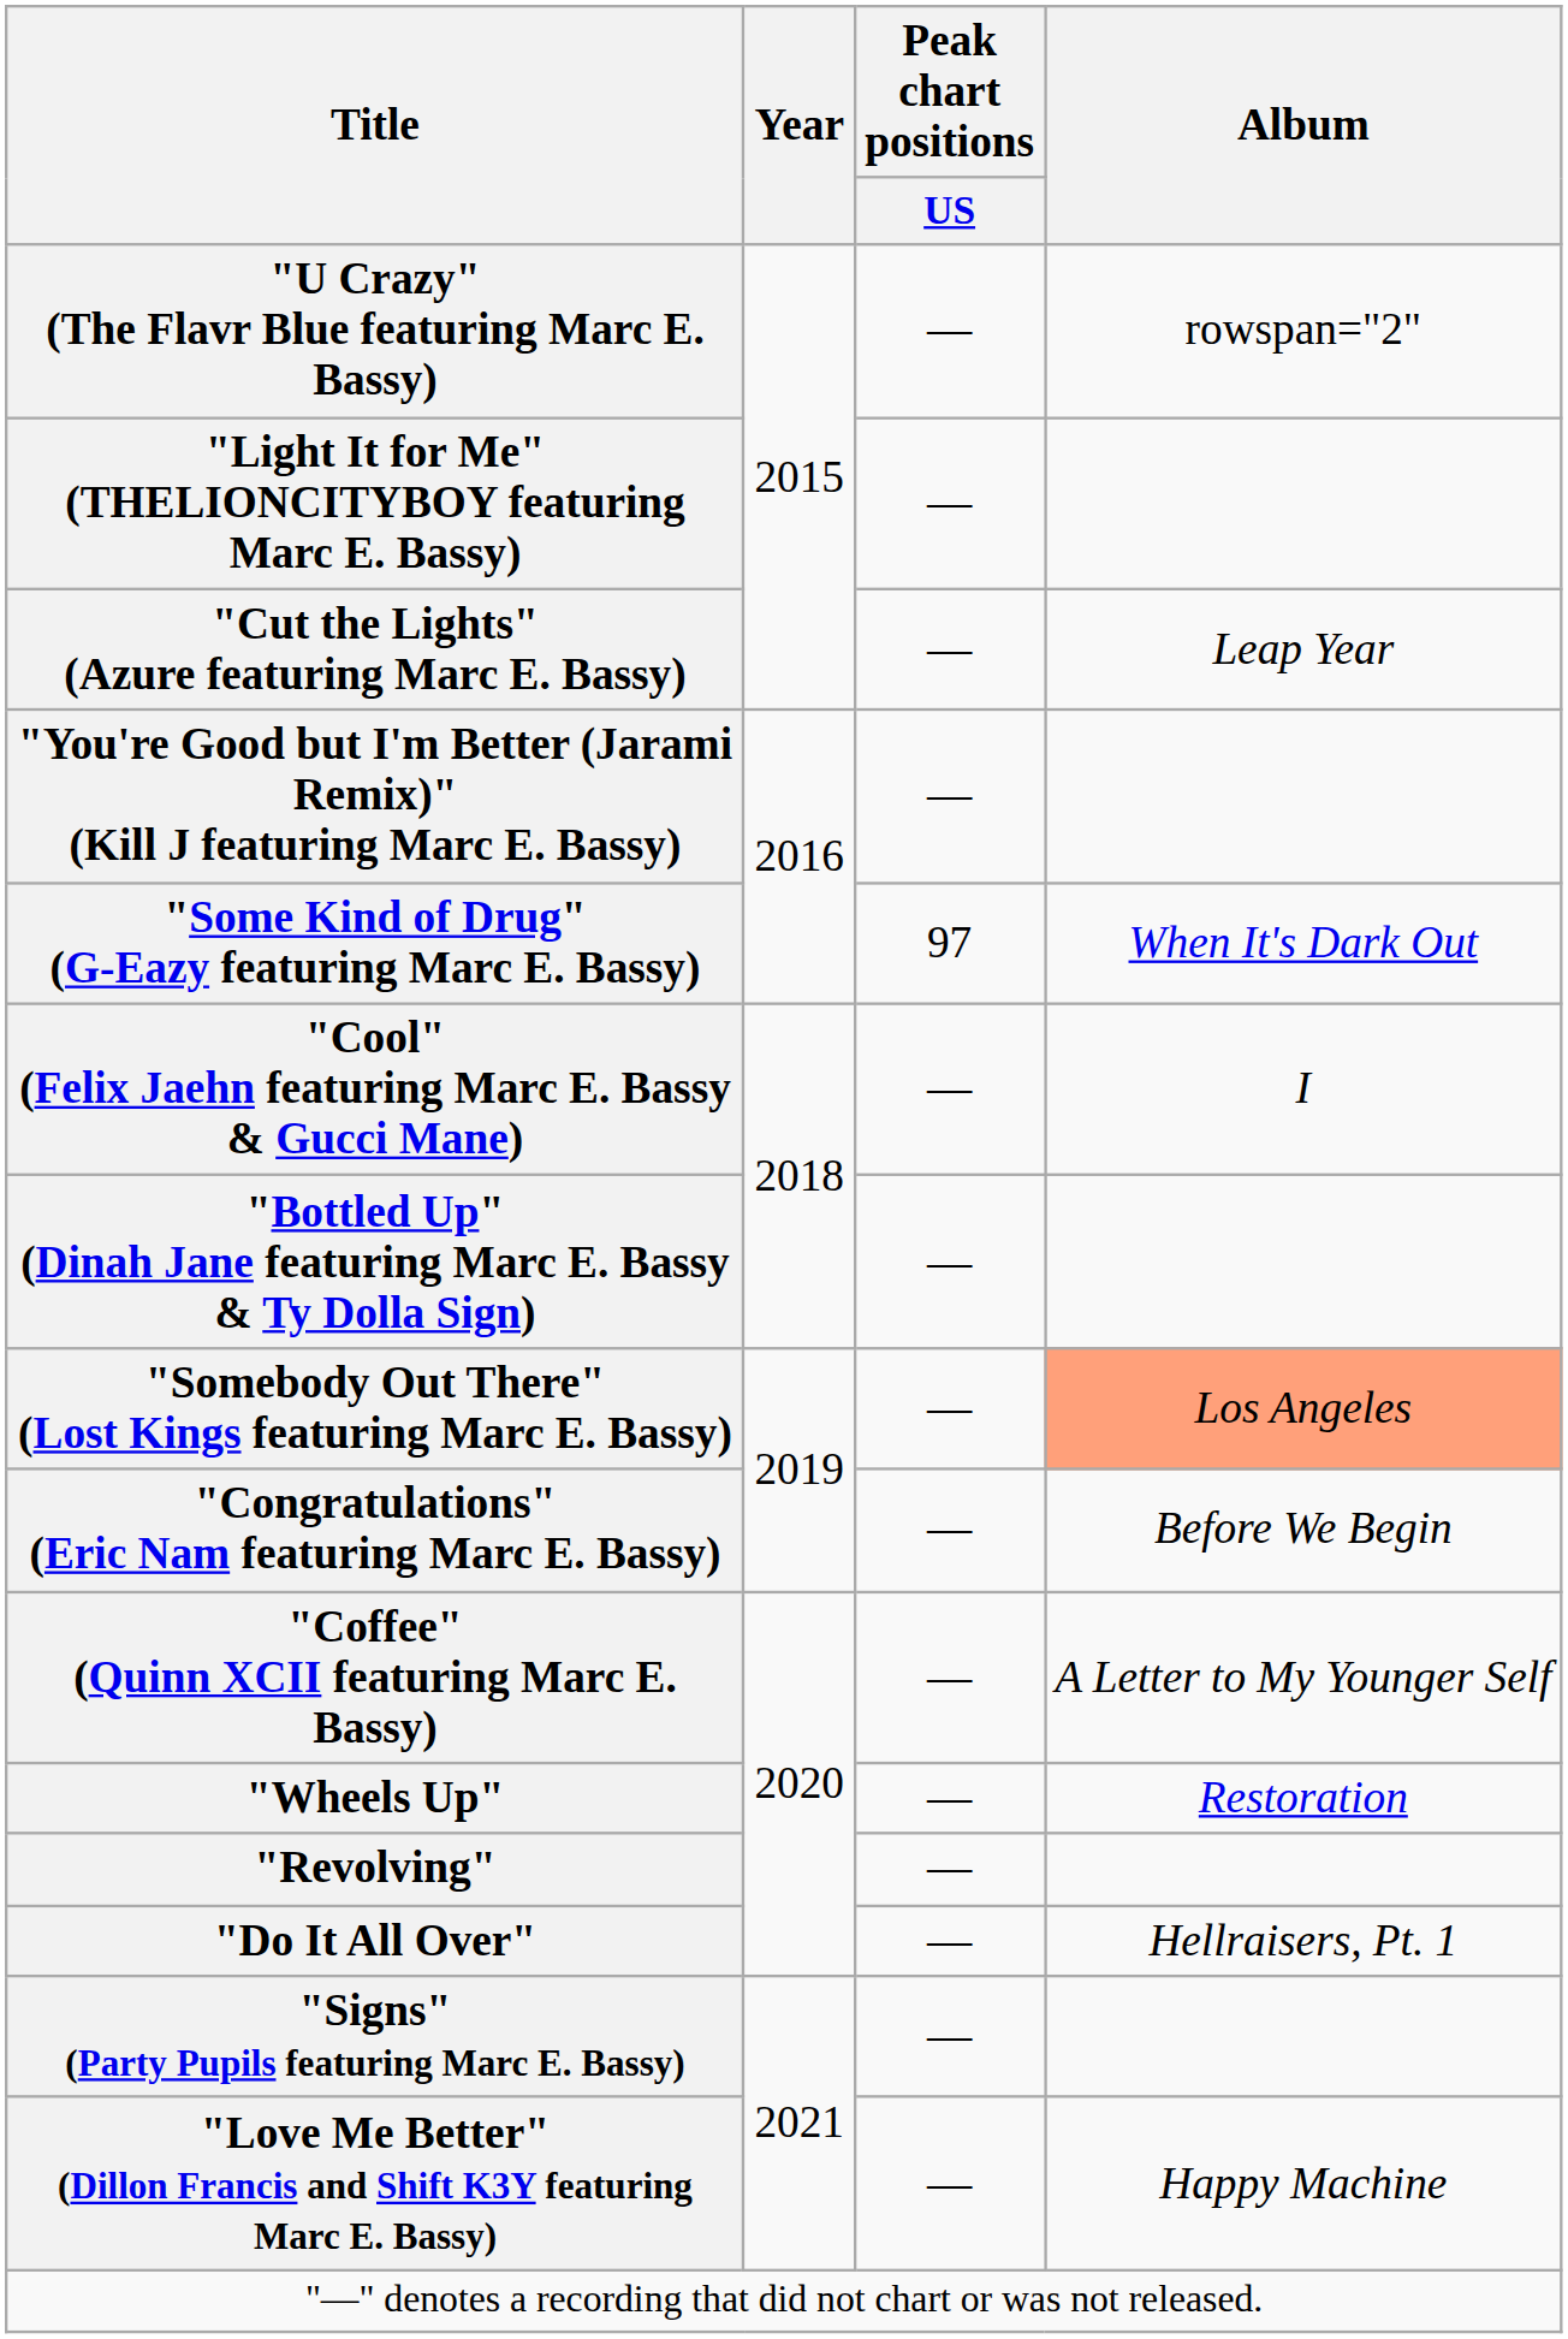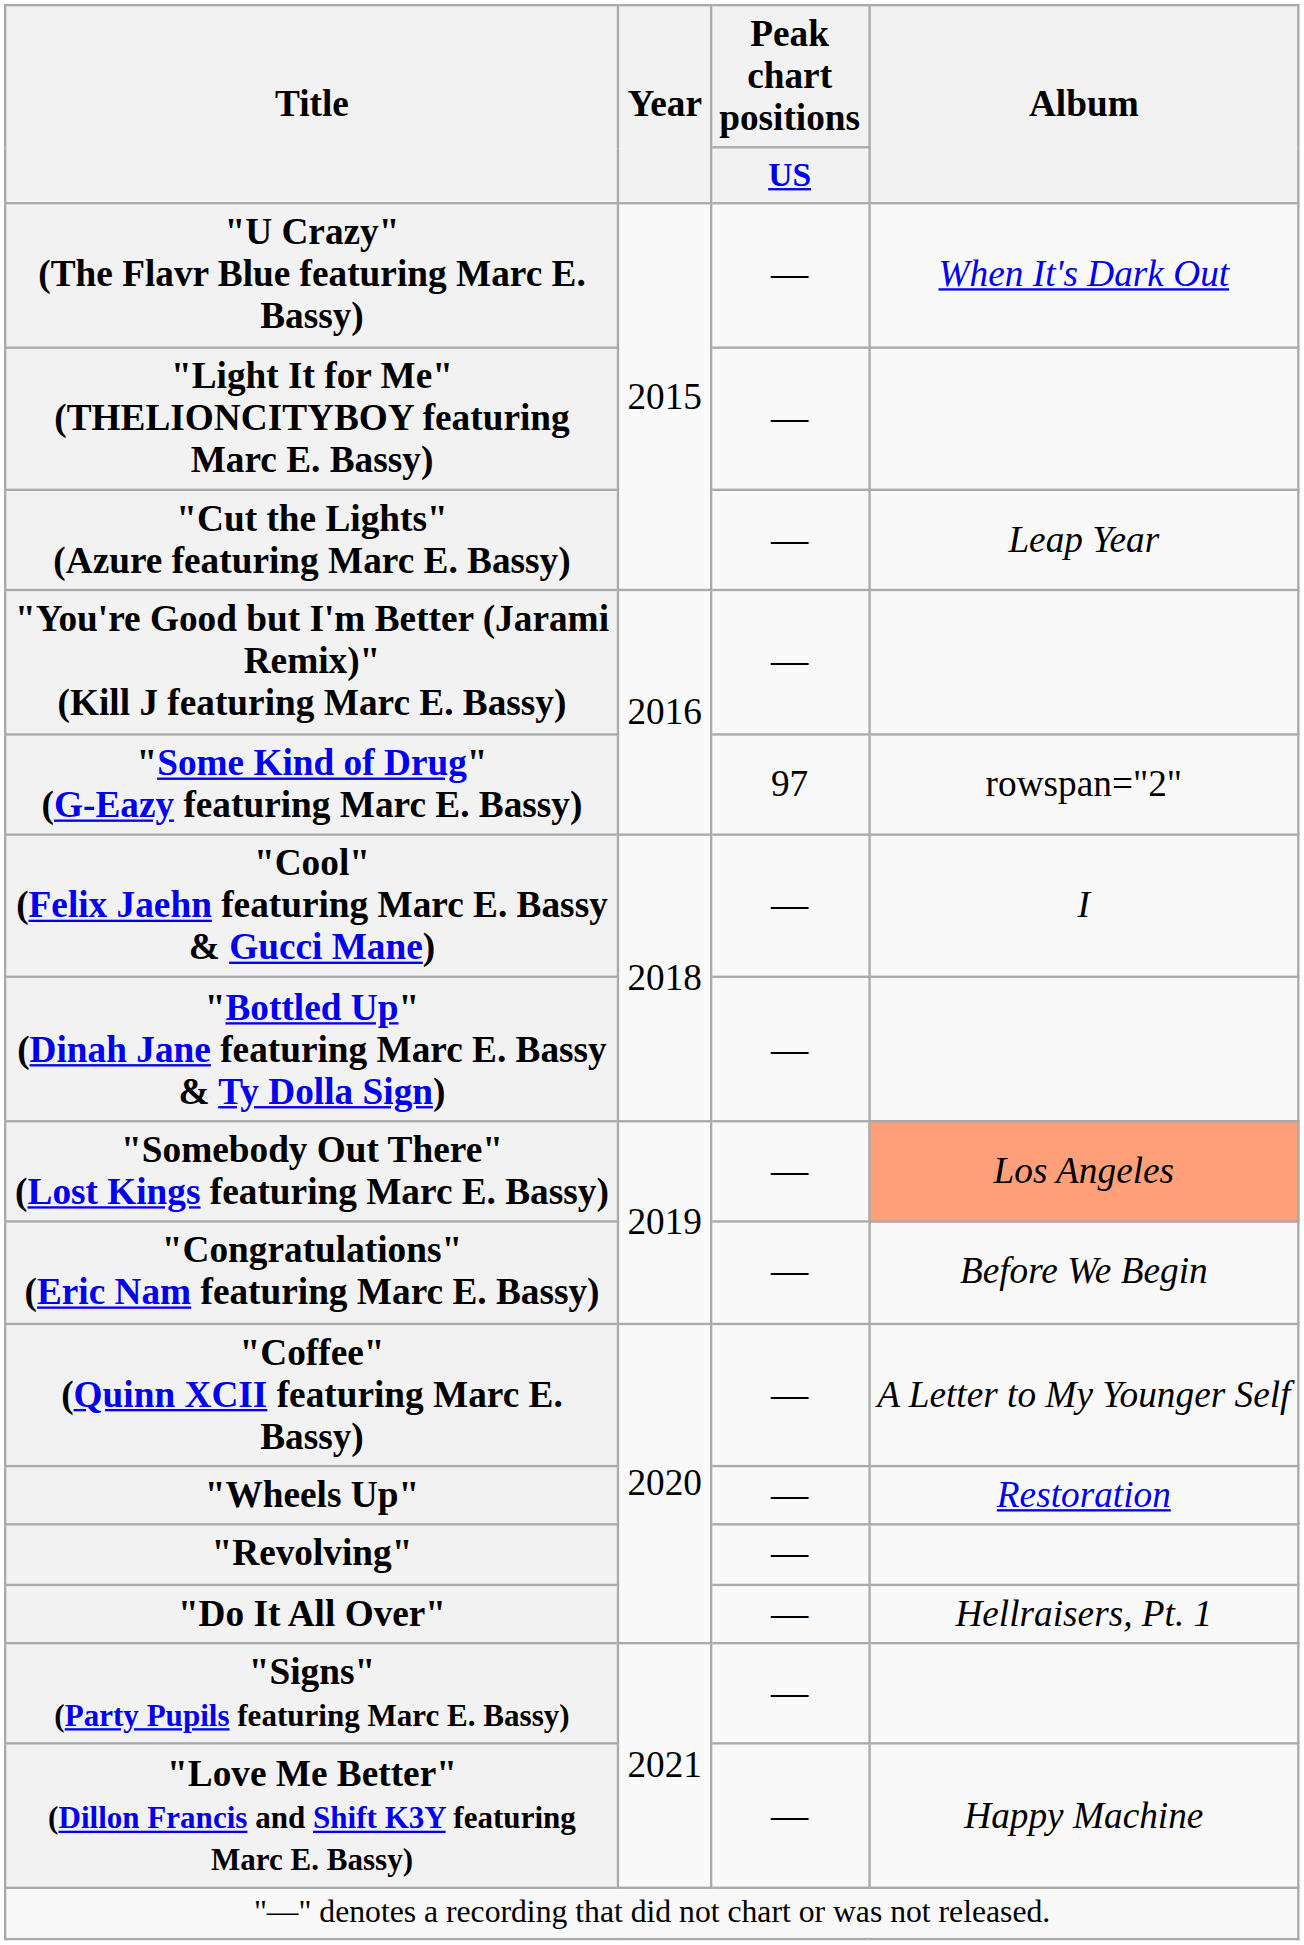 <table class="wikitable plainrowheaders" style="text-align:center;">
 <tr>
 <th scope="col" rowspan="2" style="width:16em;">Title</th>
 <th scope="col" rowspan="2">Year</th>
 <th scope="col">Peak chart positions</th>
 <th scope="col" rowspan="2">Album</th>
 </tr>
 <tr>
 <th scope="col" style="width:3em;font-size:90%;"><a href='#'>US</a><br></th>
 </tr>
 <tr>
 <th scope="row">"U Crazy"<br><span>(The Flavr Blue featuring Marc E. Bassy)</span></th>
 <td rowspan="3">2015</td>
 <td>—</td>
-<td>rowspan="2" </td>
+<td><em><a href='#'>When It's Dark Out</a></em></td>
 </tr>
 <tr>
 <th scope="row">"Light It for Me"<br><span>(THELIONCITYBOY featuring Marc E. Bassy)</span></th>
 <td>—</td>
 </tr>
 <tr>
 <th scope="row">"Cut the Lights"<br><span>(Azure featuring Marc E. Bassy)</span></th>
 <td>—</td>
 <td><em>Leap Year</em></td>
 </tr>
 <tr>
 <th scope="row">"You're Good but I'm Better (Jarami Remix)"<br><span>(Kill J featuring Marc E. Bassy)</span></th>
 <td rowspan="2">2016</td>
 <td>—</td>
 <td></td>
 </tr>
 <tr>
 <th scope="row">"<a href='#'>Some Kind of Drug</a>"<br><span>(<a href='#'>G-Eazy</a> featuring Marc E. Bassy)</span></th>
 <td>97<br></td>
-<td><em><a href='#'>When It's Dark Out</a></em></td>
+<td>rowspan="2" </td>
 </tr>
 <tr>
 <th scope="row">"Cool"<br><span>(<a href='#'>Felix Jaehn</a> featuring Marc E. Bassy & <a href='#'>Gucci Mane</a>)</span></th>
 <td rowspan="2">2018</td>
 <td>—</td>
 <td><em>I</em></td>
 </tr>
 <tr>
 <th scope="row">"<a href='#'>Bottled Up</a>"<br><span>(<a href='#'>Dinah Jane</a> featuring Marc E. Bassy & <a href='#'>Ty Dolla Sign</a>)</span></th>
 <td>—</td>
 <td></td>
 </tr>
 <tr>
 <th scope="row">"Somebody Out There" <br><span>(<a href='#'>Lost Kings</a> featuring Marc E. Bassy)</span></th>
 <td rowspan="2">2019</td>
 <td>—</td>
 <td style="background: lightsalmon;"><em>Los Angeles</em></td>
 </tr>
 <tr>
 <th scope="row">"Congratulations"<br><span>(<a href='#'>Eric Nam</a> featuring Marc E. Bassy)</span></th>
 <td>—</td>
 <td><em>Before We Begin</em></td>
 </tr>
 <tr>
 <th scope="row">"Coffee"<br><span>(<a href='#'>Quinn XCII</a> featuring Marc E. Bassy)</span></th>
 <td rowspan="4">2020</td>
 <td>—</td>
 <td><em>A Letter to My Younger Self</em></td>
 </tr>
 <tr>
 <th scope="row">"Wheels Up"<br></th>
 <td>—</td>
 <td><em><a href='#'>Restoration</a></em></td>
 </tr>
 <tr>
 <th scope="row">"Revolving"<br></th>
 <td>—</td>
 <td></td>
 </tr>
 <tr>
 <th scope="row">"Do It All Over"<br></th>
 <td>—</td>
 <td><em>Hellraisers, Pt. 1</em></td>
 </tr>
 <tr>
 <th scope="row">"Signs" <br><small>(<a href='#'>Party Pupils</a> featuring Marc E. Bassy)</small></th>
 <td rowspan="2">2021</td>
 <td>—</td>
 <td></td>
 </tr>
 <tr>
 <th scope="row">"Love Me Better" <br><small>(<a href='#'>Dillon Francis</a> and <a href='#'>Shift K3Y</a> featuring Marc E. Bassy)</small></th>
 <td>—</td>
 <td><em>Happy Machine</em></td>
 </tr>
 <tr>
 <td colspan="4" style="font-size:85%">"—" denotes a recording that did not chart or was not released.</td>
 </tr>
 </table>
